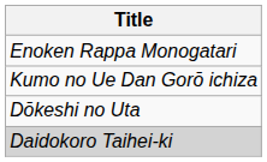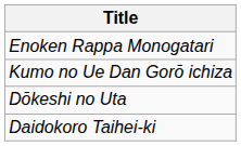 <table class="wikitable">
 <tr>
 <th>Title</th>
 </tr>
 <tr>
 <td><em>Enoken Rappa Monogatari</em></td>
 </tr>
 <tr>
 <td><em>Kumo no Ue Dan Gorō ichiza</em></td>
 </tr>
 <tr>
 <td><em>Dōkeshi no Uta</em></td>
 </tr>
 <tr>
-<td style="background: lightgrey;"><em>Daidokoro Taihei-ki</em></td>
+<td><em>Daidokoro Taihei-ki</em></td>
 </tr>
 </table>
